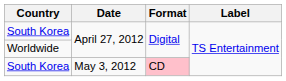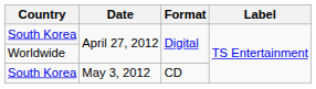 <table class="wikitable">
 <tr>
 <th>Country</th>
 <th>Date</th>
 <th>Format</th>
 <th>Label</th>
 </tr>
 <tr>
 <td rowspan="1"><a href='#'>South Korea</a></td>
 <td rowspan="2">April 27, 2012</td>
 <td rowspan="2"><a href='#'>Digital</a></td>
 <td rowspan="3"><a href='#'>TS Entertainment</a></td>
 </tr>
 <tr>
 <td rowspan="1">Worldwide</td>
 </tr>
 <tr>
 <td rowspan="1"><a href='#'>South Korea</a></td>
 <td rowspan="1">May 3, 2012</td>
-<td style="background: pink;">CD</td>
+<td>CD</td>
 </tr>
 </table>
